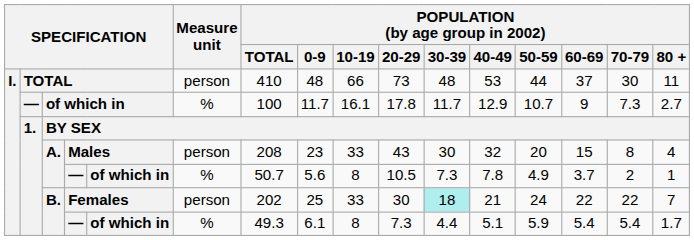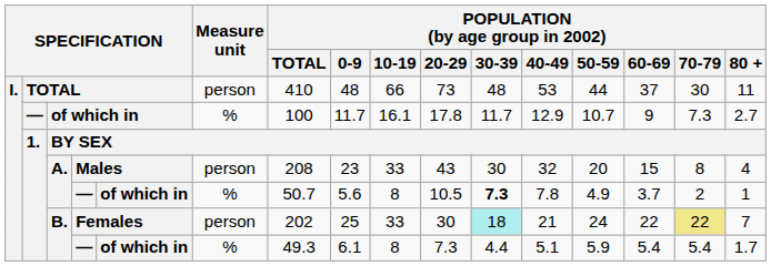 <table class="wikitable" style="font-size:85%; text-align:center">
 <tr>
 <th rowspan="2" colspan="5">SPECIFICATION</th>
 <th rowspan="2">Measure<br> unit</th>
 <th colspan="10" rowspan="1">POPULATION<br> (by age group in 2002)</th>
 </tr>
 <tr>
 <th>TOTAL</th>
 <th>0-9</th>
 <th>10-19</th>
 <th>20-29</th>
 <th>30-39</th>
 <th>40-49</th>
 <th>50-59</th>
 <th>60-69</th>
 <th>70-79</th>
 <th>80 +</th>
 </tr>
 <tr>
 <th style="text-align:left" valign="top" rowspan="7">I.</th>
 <th style="text-align:left" colspan="4">TOTAL</th>
 <td>person</td>
 <td>410</td>
 <td>48</td>
 <td>66</td>
 <td>73</td>
 <td>48</td>
 <td>53</td>
 <td>44</td>
 <td>37</td>
 <td>30</td>
 <td>11</td>
 </tr>
 <tr>
 <th style="text-align:left" valign="top">—</th>
 <th style="text-align:left" colspan="3">of which in</th>
 <td>%</td>
 <td>100</td>
 <td>11.7</td>
 <td>16.1</td>
 <td>17.8</td>
 <td>11.7</td>
 <td>12.9</td>
 <td>10.7</td>
 <td>9</td>
 <td>7.3</td>
 <td>2.7</td>
 </tr>
 <tr>
 <th style="text-align:left" valign="top" rowspan="5">1.</th>
 <th style="text-align:left" colspan="14">BY SEX</th>
 </tr>
 <tr>
 <th style="text-align:left" valign="top" rowspan="2">A.</th>
 <th style="text-align:left" colspan="2">Males</th>
 <td>person</td>
 <td>208</td>
 <td>23</td>
 <td>33</td>
 <td>43</td>
 <td>30</td>
 <td>32</td>
 <td>20</td>
 <td>15</td>
 <td>8</td>
 <td>4</td>
 </tr>
 <tr>
 <th style="text-align:left" valign="top">—</th>
 <th style="text-align:left" colspan="1">of which in</th>
 <td>%</td>
 <td>50.7</td>
 <td>5.6</td>
 <td>8</td>
 <td>10.5</td>
-<td>7.3</td>
+<td><strong>7.3</strong></td>
 <td>7.8</td>
 <td>4.9</td>
 <td>3.7</td>
 <td>2</td>
 <td>1</td>
 </tr>
 <tr>
 <th style="text-align:left" valign="top" rowspan="2">B.</th>
 <th style="text-align:left" colspan="2">Females</th>
 <td>person</td>
 <td>202</td>
 <td>25</td>
 <td>33</td>
 <td>30</td>
 <td style="background: paleturquoise;">18</td>
 <td>21</td>
 <td>24</td>
 <td>22</td>
-<td>22</td>
+<td style="background: khaki;">22</td>
 <td>7</td>
 </tr>
 <tr>
 <th style="text-align:left" valign="top">—</th>
 <th style="text-align:left" colspan="1">of which in</th>
 <td>%</td>
 <td>49.3</td>
 <td>6.1</td>
 <td>8</td>
 <td>7.3</td>
 <td>4.4</td>
 <td>5.1</td>
 <td>5.9</td>
 <td>5.4</td>
 <td>5.4</td>
 <td>1.7</td>
 </tr>
 </table>
